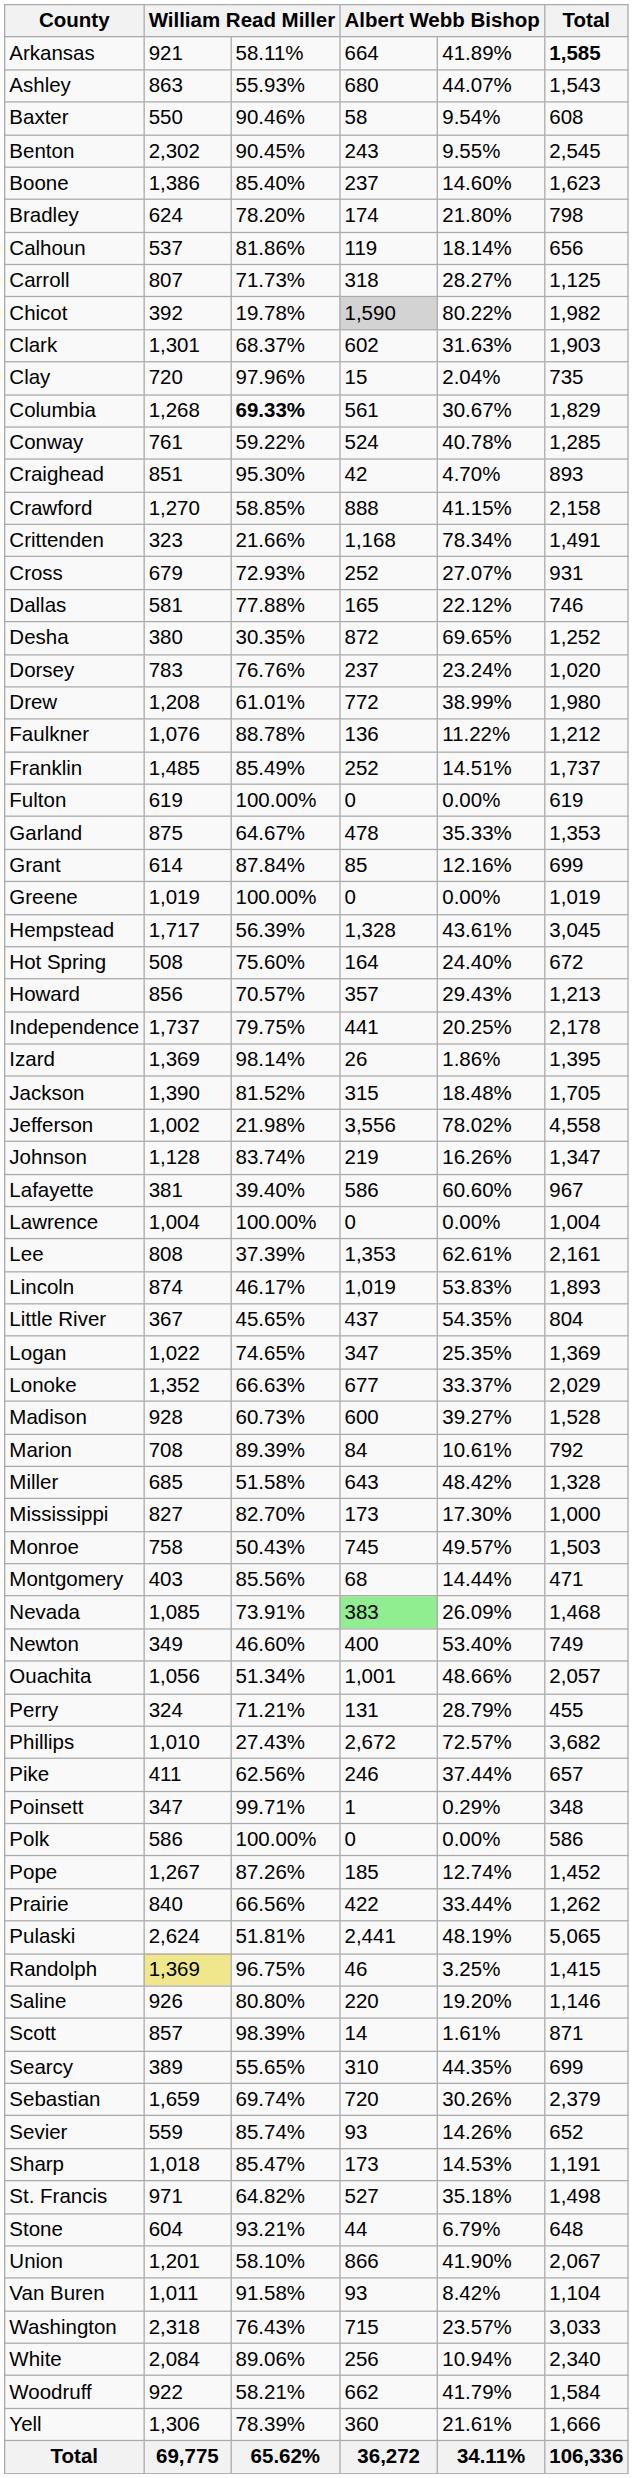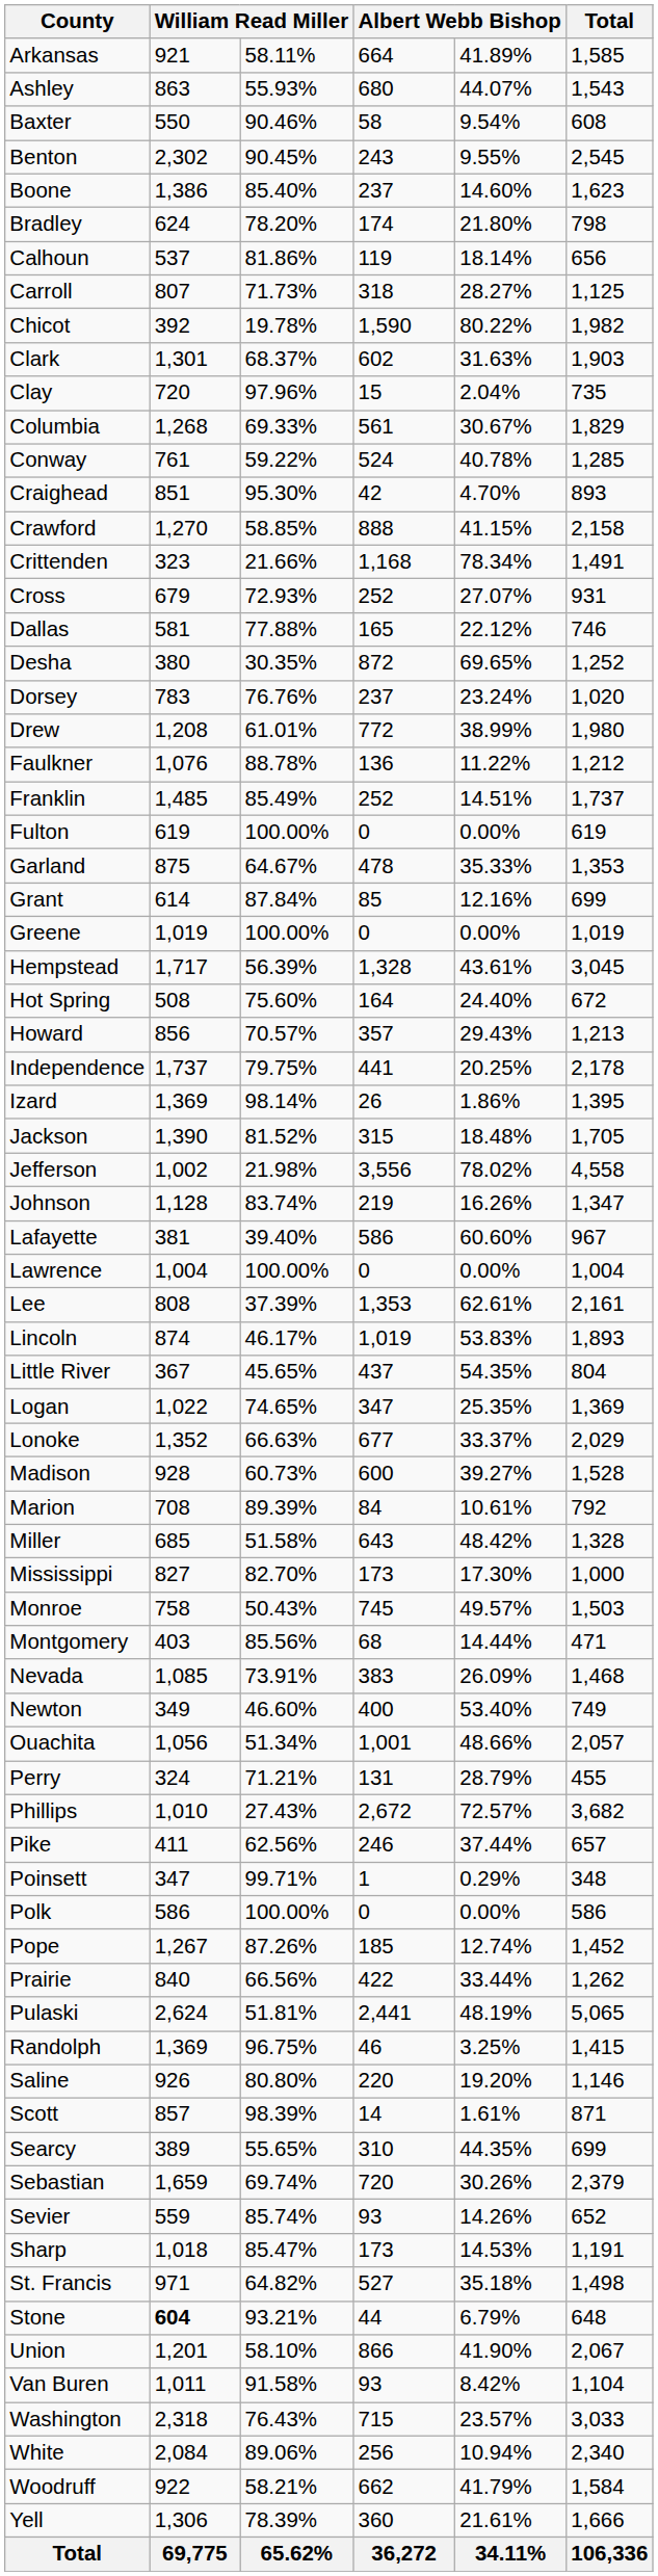 <table class="wikitable">
 <tr>
 <th>County</th>
 <th colspan="2">William Read Miller</th>
 <th colspan="2">Albert Webb Bishop</th>
 <th>Total</th>
 </tr>
 <tr>
 <td>Arkansas</td>
 <td>921</td>
 <td>58.11%</td>
 <td>664</td>
 <td>41.89%</td>
-<td><strong>1,585</strong></td>
+<td>1,585</td>
 </tr>
 <tr>
 <td>Ashley</td>
 <td>863</td>
 <td>55.93%</td>
 <td>680</td>
 <td>44.07%</td>
 <td>1,543</td>
 </tr>
 <tr>
 <td>Baxter</td>
 <td>550</td>
 <td>90.46%</td>
 <td>58</td>
 <td>9.54%</td>
 <td>608</td>
 </tr>
 <tr>
 <td>Benton</td>
 <td>2,302</td>
 <td>90.45%</td>
 <td>243</td>
 <td>9.55%</td>
 <td>2,545</td>
 </tr>
 <tr>
 <td>Boone</td>
 <td>1,386</td>
 <td>85.40%</td>
 <td>237</td>
 <td>14.60%</td>
 <td>1,623</td>
 </tr>
 <tr>
 <td>Bradley</td>
 <td>624</td>
 <td>78.20%</td>
 <td>174</td>
 <td>21.80%</td>
 <td>798</td>
 </tr>
 <tr>
 <td>Calhoun</td>
 <td>537</td>
 <td>81.86%</td>
 <td>119</td>
 <td>18.14%</td>
 <td>656</td>
 </tr>
 <tr>
 <td>Carroll</td>
 <td>807</td>
 <td>71.73%</td>
 <td>318</td>
 <td>28.27%</td>
 <td>1,125</td>
 </tr>
 <tr>
 <td>Chicot</td>
 <td>392</td>
 <td>19.78%</td>
-<td style="background: lightgrey;">1,590</td>
+<td>1,590</td>
 <td>80.22%</td>
 <td>1,982</td>
 </tr>
 <tr>
 <td>Clark</td>
 <td>1,301</td>
 <td>68.37%</td>
 <td>602</td>
 <td>31.63%</td>
 <td>1,903</td>
 </tr>
 <tr>
 <td>Clay</td>
 <td>720</td>
 <td>97.96%</td>
 <td>15</td>
 <td>2.04%</td>
 <td>735</td>
 </tr>
 <tr>
 <td>Columbia</td>
 <td>1,268</td>
-<td><strong>69.33%</strong></td>
+<td>69.33%</td>
 <td>561</td>
 <td>30.67%</td>
 <td>1,829</td>
 </tr>
 <tr>
 <td>Conway</td>
 <td>761</td>
 <td>59.22%</td>
 <td>524</td>
 <td>40.78%</td>
 <td>1,285</td>
 </tr>
 <tr>
 <td>Craighead</td>
 <td>851</td>
 <td>95.30%</td>
 <td>42</td>
 <td>4.70%</td>
 <td>893</td>
 </tr>
 <tr>
 <td>Crawford</td>
 <td>1,270</td>
 <td>58.85%</td>
 <td>888</td>
 <td>41.15%</td>
 <td>2,158</td>
 </tr>
 <tr>
 <td>Crittenden</td>
 <td>323</td>
 <td>21.66%</td>
 <td>1,168</td>
 <td>78.34%</td>
 <td>1,491</td>
 </tr>
 <tr>
 <td>Cross</td>
 <td>679</td>
 <td>72.93%</td>
 <td>252</td>
 <td>27.07%</td>
 <td>931</td>
 </tr>
 <tr>
 <td>Dallas</td>
 <td>581</td>
 <td>77.88%</td>
 <td>165</td>
 <td>22.12%</td>
 <td>746</td>
 </tr>
 <tr>
 <td>Desha</td>
 <td>380</td>
 <td>30.35%</td>
 <td>872</td>
 <td>69.65%</td>
 <td>1,252</td>
 </tr>
 <tr>
 <td>Dorsey</td>
 <td>783</td>
 <td>76.76%</td>
 <td>237</td>
 <td>23.24%</td>
 <td>1,020</td>
 </tr>
 <tr>
 <td>Drew</td>
 <td>1,208</td>
 <td>61.01%</td>
 <td>772</td>
 <td>38.99%</td>
 <td>1,980</td>
 </tr>
 <tr>
 <td>Faulkner</td>
 <td>1,076</td>
 <td>88.78%</td>
 <td>136</td>
 <td>11.22%</td>
 <td>1,212</td>
 </tr>
 <tr>
 <td>Franklin</td>
 <td>1,485</td>
 <td>85.49%</td>
 <td>252</td>
 <td>14.51%</td>
 <td>1,737</td>
 </tr>
 <tr>
 <td>Fulton</td>
 <td>619</td>
 <td>100.00%</td>
 <td>0</td>
 <td>0.00%</td>
 <td>619</td>
 </tr>
 <tr>
 <td>Garland</td>
 <td>875</td>
 <td>64.67%</td>
 <td>478</td>
 <td>35.33%</td>
 <td>1,353</td>
 </tr>
 <tr>
 <td>Grant</td>
 <td>614</td>
 <td>87.84%</td>
 <td>85</td>
 <td>12.16%</td>
 <td>699</td>
 </tr>
 <tr>
 <td>Greene</td>
 <td>1,019</td>
 <td>100.00%</td>
 <td>0</td>
 <td>0.00%</td>
 <td>1,019</td>
 </tr>
 <tr>
 <td>Hempstead</td>
 <td>1,717</td>
 <td>56.39%</td>
 <td>1,328</td>
 <td>43.61%</td>
 <td>3,045</td>
 </tr>
 <tr>
 <td>Hot Spring</td>
 <td>508</td>
 <td>75.60%</td>
 <td>164</td>
 <td>24.40%</td>
 <td>672</td>
 </tr>
 <tr>
 <td>Howard</td>
 <td>856</td>
 <td>70.57%</td>
 <td>357</td>
 <td>29.43%</td>
 <td>1,213</td>
 </tr>
 <tr>
 <td>Independence</td>
 <td>1,737</td>
 <td>79.75%</td>
 <td>441</td>
 <td>20.25%</td>
 <td>2,178</td>
 </tr>
 <tr>
 <td>Izard</td>
 <td>1,369</td>
 <td>98.14%</td>
 <td>26</td>
 <td>1.86%</td>
 <td>1,395</td>
 </tr>
 <tr>
 <td>Jackson</td>
 <td>1,390</td>
 <td>81.52%</td>
 <td>315</td>
 <td>18.48%</td>
 <td>1,705</td>
 </tr>
 <tr>
 <td>Jefferson</td>
 <td>1,002</td>
 <td>21.98%</td>
 <td>3,556</td>
 <td>78.02%</td>
 <td>4,558</td>
 </tr>
 <tr>
 <td>Johnson</td>
 <td>1,128</td>
 <td>83.74%</td>
 <td>219</td>
 <td>16.26%</td>
 <td>1,347</td>
 </tr>
 <tr>
 <td>Lafayette</td>
 <td>381</td>
 <td>39.40%</td>
 <td>586</td>
 <td>60.60%</td>
 <td>967</td>
 </tr>
 <tr>
 <td>Lawrence</td>
 <td>1,004</td>
 <td>100.00%</td>
 <td>0</td>
 <td>0.00%</td>
 <td>1,004</td>
 </tr>
 <tr>
 <td>Lee</td>
 <td>808</td>
 <td>37.39%</td>
 <td>1,353</td>
 <td>62.61%</td>
 <td>2,161</td>
 </tr>
 <tr>
 <td>Lincoln</td>
 <td>874</td>
 <td>46.17%</td>
 <td>1,019</td>
 <td>53.83%</td>
 <td>1,893</td>
 </tr>
 <tr>
 <td>Little River</td>
 <td>367</td>
 <td>45.65%</td>
 <td>437</td>
 <td>54.35%</td>
 <td>804</td>
 </tr>
 <tr>
 <td>Logan</td>
 <td>1,022</td>
 <td>74.65%</td>
 <td>347</td>
 <td>25.35%</td>
 <td>1,369</td>
 </tr>
 <tr>
 <td>Lonoke</td>
 <td>1,352</td>
 <td>66.63%</td>
 <td>677</td>
 <td>33.37%</td>
 <td>2,029</td>
 </tr>
 <tr>
 <td>Madison</td>
 <td>928</td>
 <td>60.73%</td>
 <td>600</td>
 <td>39.27%</td>
 <td>1,528</td>
 </tr>
 <tr>
 <td>Marion</td>
 <td>708</td>
 <td>89.39%</td>
 <td>84</td>
 <td>10.61%</td>
 <td>792</td>
 </tr>
 <tr>
 <td>Miller</td>
 <td>685</td>
 <td>51.58%</td>
 <td>643</td>
 <td>48.42%</td>
 <td>1,328</td>
 </tr>
 <tr>
 <td>Mississippi</td>
 <td>827</td>
 <td>82.70%</td>
 <td>173</td>
 <td>17.30%</td>
 <td>1,000</td>
 </tr>
 <tr>
 <td>Monroe</td>
 <td>758</td>
 <td>50.43%</td>
 <td>745</td>
 <td>49.57%</td>
 <td>1,503</td>
 </tr>
 <tr>
 <td>Montgomery</td>
 <td>403</td>
 <td>85.56%</td>
 <td>68</td>
 <td>14.44%</td>
 <td>471</td>
 </tr>
 <tr>
 <td>Nevada</td>
 <td>1,085</td>
 <td>73.91%</td>
-<td style="background: lightgreen;">383</td>
+<td>383</td>
 <td>26.09%</td>
 <td>1,468</td>
 </tr>
 <tr>
 <td>Newton</td>
 <td>349</td>
 <td>46.60%</td>
 <td>400</td>
 <td>53.40%</td>
 <td>749</td>
 </tr>
 <tr>
 <td>Ouachita</td>
 <td>1,056</td>
 <td>51.34%</td>
 <td>1,001</td>
 <td>48.66%</td>
 <td>2,057</td>
 </tr>
 <tr>
 <td>Perry</td>
 <td>324</td>
 <td>71.21%</td>
 <td>131</td>
 <td>28.79%</td>
 <td>455</td>
 </tr>
 <tr>
 <td>Phillips</td>
 <td>1,010</td>
 <td>27.43%</td>
 <td>2,672</td>
 <td>72.57%</td>
 <td>3,682</td>
 </tr>
 <tr>
 <td>Pike</td>
 <td>411</td>
 <td>62.56%</td>
 <td>246</td>
 <td>37.44%</td>
 <td>657</td>
 </tr>
 <tr>
 <td>Poinsett</td>
 <td>347</td>
 <td>99.71%</td>
 <td>1</td>
 <td>0.29%</td>
 <td>348</td>
 </tr>
 <tr>
 <td>Polk</td>
 <td>586</td>
 <td>100.00%</td>
 <td>0</td>
 <td>0.00%</td>
 <td>586</td>
 </tr>
 <tr>
 <td>Pope</td>
 <td>1,267</td>
 <td>87.26%</td>
 <td>185</td>
 <td>12.74%</td>
 <td>1,452</td>
 </tr>
 <tr>
 <td>Prairie</td>
 <td>840</td>
 <td>66.56%</td>
 <td>422</td>
 <td>33.44%</td>
 <td>1,262</td>
 </tr>
 <tr>
 <td>Pulaski</td>
 <td>2,624</td>
 <td>51.81%</td>
 <td>2,441</td>
 <td>48.19%</td>
 <td>5,065</td>
 </tr>
 <tr>
 <td>Randolph</td>
-<td style="background: khaki;">1,369</td>
+<td>1,369</td>
 <td>96.75%</td>
 <td>46</td>
 <td>3.25%</td>
 <td>1,415</td>
 </tr>
 <tr>
 <td>Saline</td>
 <td>926</td>
 <td>80.80%</td>
 <td>220</td>
 <td>19.20%</td>
 <td>1,146</td>
 </tr>
 <tr>
 <td>Scott</td>
 <td>857</td>
 <td>98.39%</td>
 <td>14</td>
 <td>1.61%</td>
 <td>871</td>
 </tr>
 <tr>
 <td>Searcy</td>
 <td>389</td>
 <td>55.65%</td>
 <td>310</td>
 <td>44.35%</td>
 <td>699</td>
 </tr>
 <tr>
 <td>Sebastian</td>
 <td>1,659</td>
 <td>69.74%</td>
 <td>720</td>
 <td>30.26%</td>
 <td>2,379</td>
 </tr>
 <tr>
 <td>Sevier</td>
 <td>559</td>
 <td>85.74%</td>
 <td>93</td>
 <td>14.26%</td>
 <td>652</td>
 </tr>
 <tr>
 <td>Sharp</td>
 <td>1,018</td>
 <td>85.47%</td>
 <td>173</td>
 <td>14.53%</td>
 <td>1,191</td>
 </tr>
 <tr>
 <td>St. Francis</td>
 <td>971</td>
 <td>64.82%</td>
 <td>527</td>
 <td>35.18%</td>
 <td>1,498</td>
 </tr>
 <tr>
 <td>Stone</td>
-<td>604</td>
+<td><strong>604</strong></td>
 <td>93.21%</td>
 <td>44</td>
 <td>6.79%</td>
 <td>648</td>
 </tr>
 <tr>
 <td>Union</td>
 <td>1,201</td>
 <td>58.10%</td>
 <td>866</td>
 <td>41.90%</td>
 <td>2,067</td>
 </tr>
 <tr>
 <td>Van Buren</td>
 <td>1,011</td>
 <td>91.58%</td>
 <td>93</td>
 <td>8.42%</td>
 <td>1,104</td>
 </tr>
 <tr>
 <td>Washington</td>
 <td>2,318</td>
 <td>76.43%</td>
 <td>715</td>
 <td>23.57%</td>
 <td>3,033</td>
 </tr>
 <tr>
 <td>White</td>
 <td>2,084</td>
 <td>89.06%</td>
 <td>256</td>
 <td>10.94%</td>
 <td>2,340</td>
 </tr>
 <tr>
 <td>Woodruff</td>
 <td>922</td>
 <td>58.21%</td>
 <td>662</td>
 <td>41.79%</td>
 <td>1,584</td>
 </tr>
 <tr>
 <td>Yell</td>
 <td>1,306</td>
 <td>78.39%</td>
 <td>360</td>
 <td>21.61%</td>
 <td>1,666</td>
 </tr>
 <tr>
 <th>Total</th>
 <th>69,775</th>
 <th>65.62%</th>
 <th>36,272</th>
 <th>34.11%</th>
 <th>106,336</th>
 </tr>
 </table>
